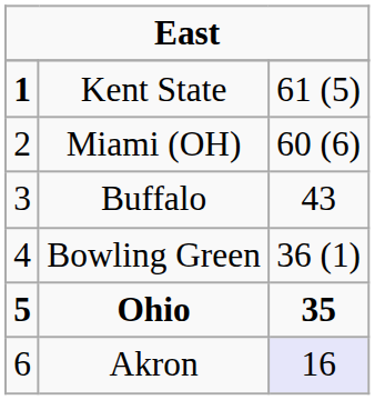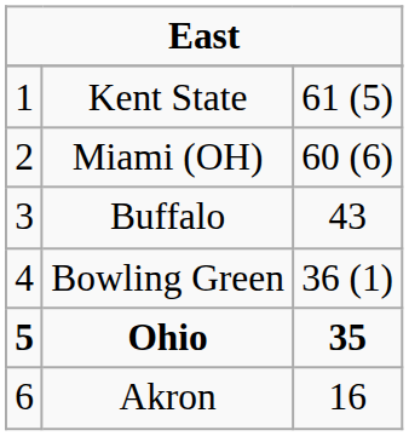 <table class="wikitable" style="display: inline-table;">
 <tr align="center">
 <td align="center" Colspan="3"><strong>East</strong></td>
 </tr>
 <tr align="center">
 </tr>
 <tr align="center">
-<td><strong>1</strong></td>
+<td>1</td>
 <td>Kent State</td>
 <td>61 (5)</td>
 </tr>
 <tr align="center">
 <td>2</td>
 <td>Miami (OH)</td>
 <td>60 (6)</td>
 </tr>
 <tr align="center">
 <td>3</td>
 <td>Buffalo</td>
 <td>43</td>
 </tr>
 <tr align="center">
 <td>4</td>
 <td>Bowling Green</td>
 <td>36 (1)</td>
 </tr>
 <tr align="center">
 <td><strong>5</strong></td>
 <td><strong>Ohio</strong></td>
 <td><strong>35</strong></td>
 </tr>
 <tr align="center">
 <td>6</td>
 <td>Akron</td>
-<td style="background: lavender;">16</td>
+<td>16</td>
 </tr>
 </table>
